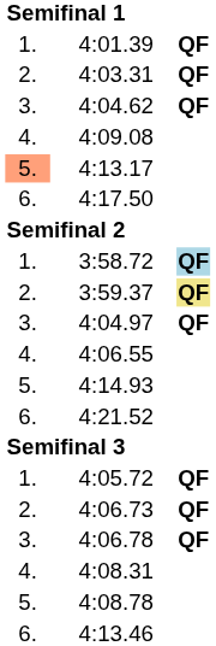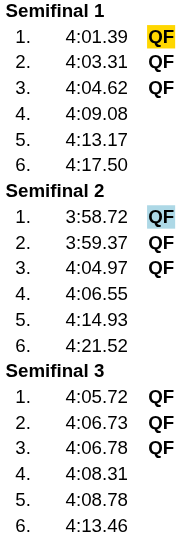 <table style="text-align:center">
 <tr>
 <td colspan=4 align=left><strong>Semifinal 1</strong></td>
 </tr>
 <tr>
 <td width=30>1.</td>
 <td align=left></td>
 <td width=80>4:01.39</td>
-<td><strong>QF</strong></td>
+<td style="background: gold;"><strong>QF</strong></td>
 </tr>
 <tr>
 <td>2.</td>
 <td align=left></td>
 <td>4:03.31</td>
 <td><strong>QF</strong></td>
 </tr>
 <tr>
 <td>3.</td>
 <td align=left></td>
 <td>4:04.62</td>
 <td><strong>QF</strong></td>
 </tr>
 <tr>
 <td>4.</td>
 <td align=left></td>
 <td>4:09.08</td>
 <td></td>
 </tr>
 <tr>
-<td style="background: lightsalmon;">5.</td>
+<td>5.</td>
 <td align=left></td>
 <td>4:13.17</td>
 <td></td>
 </tr>
 <tr>
 <td>6.</td>
 <td align=left></td>
 <td>4:17.50</td>
 <td></td>
 </tr>
 <tr>
 <td colspan=4 align=left><strong>Semifinal 2</strong></td>
 </tr>
 <tr>
 <td>1.</td>
 <td align=left></td>
 <td>3:58.72</td>
 <td style="background: lightblue;"><strong>QF</strong></td>
 </tr>
 <tr>
 <td>2.</td>
 <td align=left></td>
 <td>3:59.37</td>
-<td style="background: khaki;"><strong>QF</strong></td>
+<td><strong>QF</strong></td>
 </tr>
 <tr>
 <td>3.</td>
 <td align=left></td>
 <td>4:04.97</td>
 <td><strong>QF</strong></td>
 </tr>
 <tr>
 <td>4.</td>
 <td align=left></td>
 <td>4:06.55</td>
 <td></td>
 </tr>
 <tr>
 <td>5.</td>
 <td align=left></td>
 <td>4:14.93</td>
 <td></td>
 </tr>
 <tr>
 <td>6.</td>
 <td align=left></td>
 <td>4:21.52</td>
 <td></td>
 </tr>
 <tr>
 <td colspan=4 align=left><strong>Semifinal 3</strong></td>
 </tr>
 <tr>
 <td>1.</td>
 <td align=left></td>
 <td>4:05.72</td>
 <td><strong>QF</strong></td>
 </tr>
 <tr>
 <td>2.</td>
 <td align=left></td>
 <td>4:06.73</td>
 <td><strong>QF</strong></td>
 </tr>
 <tr>
 <td>3.</td>
 <td align=left></td>
 <td>4:06.78</td>
 <td><strong>QF</strong></td>
 </tr>
 <tr>
 <td>4.</td>
 <td align=left></td>
 <td>4:08.31</td>
 <td></td>
 </tr>
 <tr>
 <td>5.</td>
 <td align=left></td>
 <td>4:08.78</td>
 <td></td>
 </tr>
 <tr>
 <td>6.</td>
 <td align=left></td>
 <td>4:13.46</td>
 <td></td>
 </tr>
 </table>
